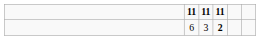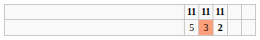 <table class="wikitable">
 <tr>
 <td style="width:18em"><strong></strong></td>
 <td align=center style="width:1em"><strong>11</strong></td>
 <td align=center style="width:1em"><strong>11</strong></td>
 <td align=center style="width:1em"><strong>11</strong></td>
 <td align=center style="width:1em"></td>
 <td align=center style="width:1em"></td>
 </tr>
 <tr>
 <td style="width:18em"></td>
-<td align=center style="width:1em">6</td>
-<td align=center style="width:1em">3</td>
+<td align=center style="width:1em">5</td>
+<td align=center style="background: lightsalmon; width:1em">3</td>
 <td align=center style="width:1em"><strong>2</strong></td>
 <td align=center style="width:1em"></td>
 <td align=center style="width:1em"></td>
 </tr>
 </table>
